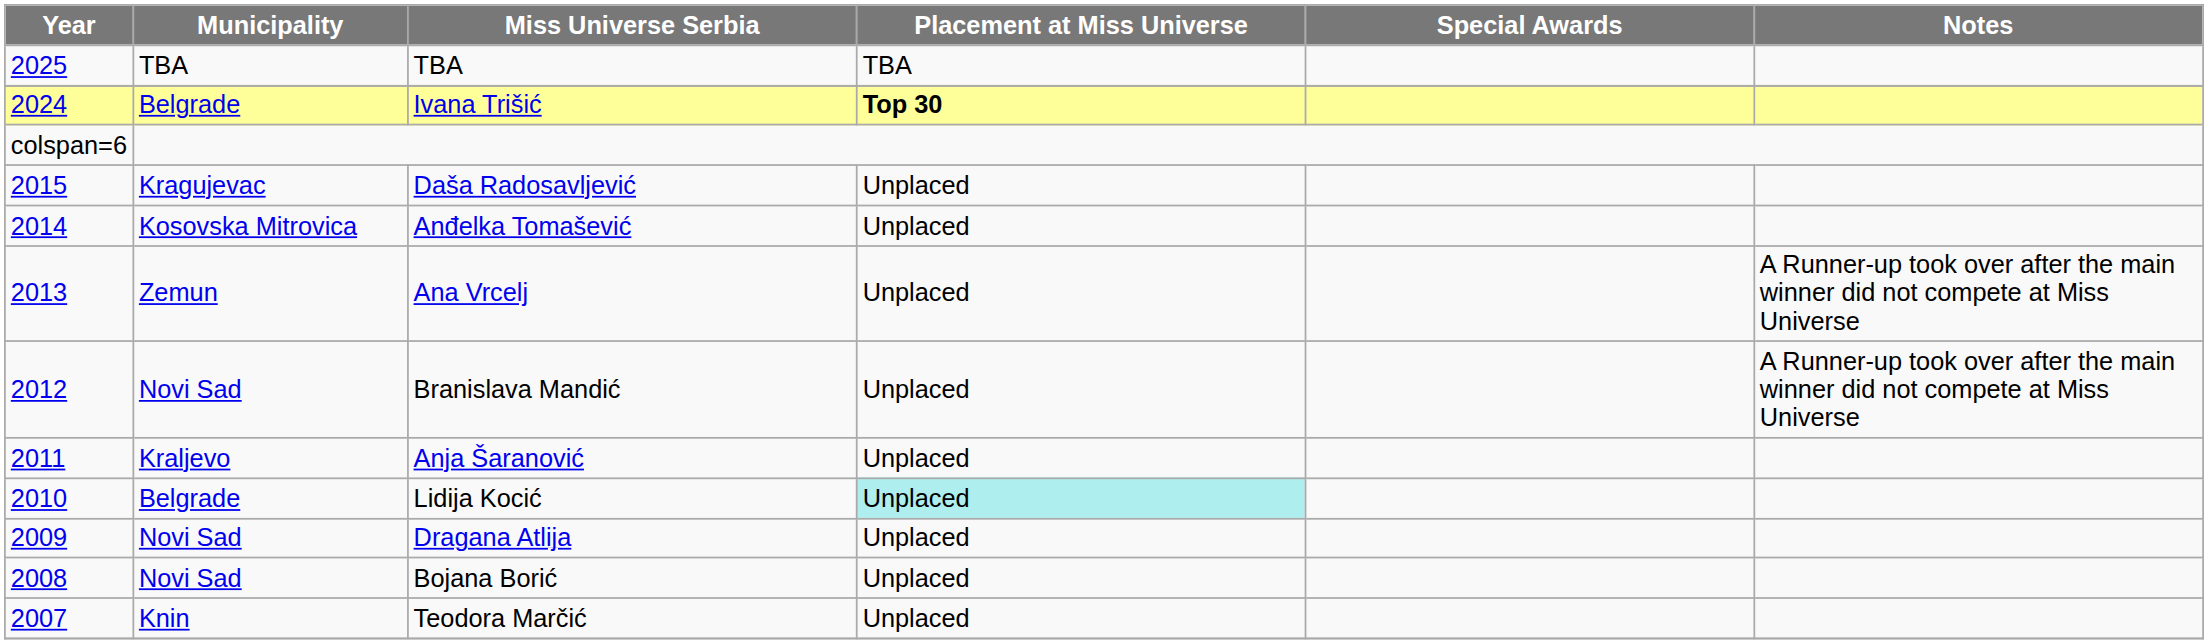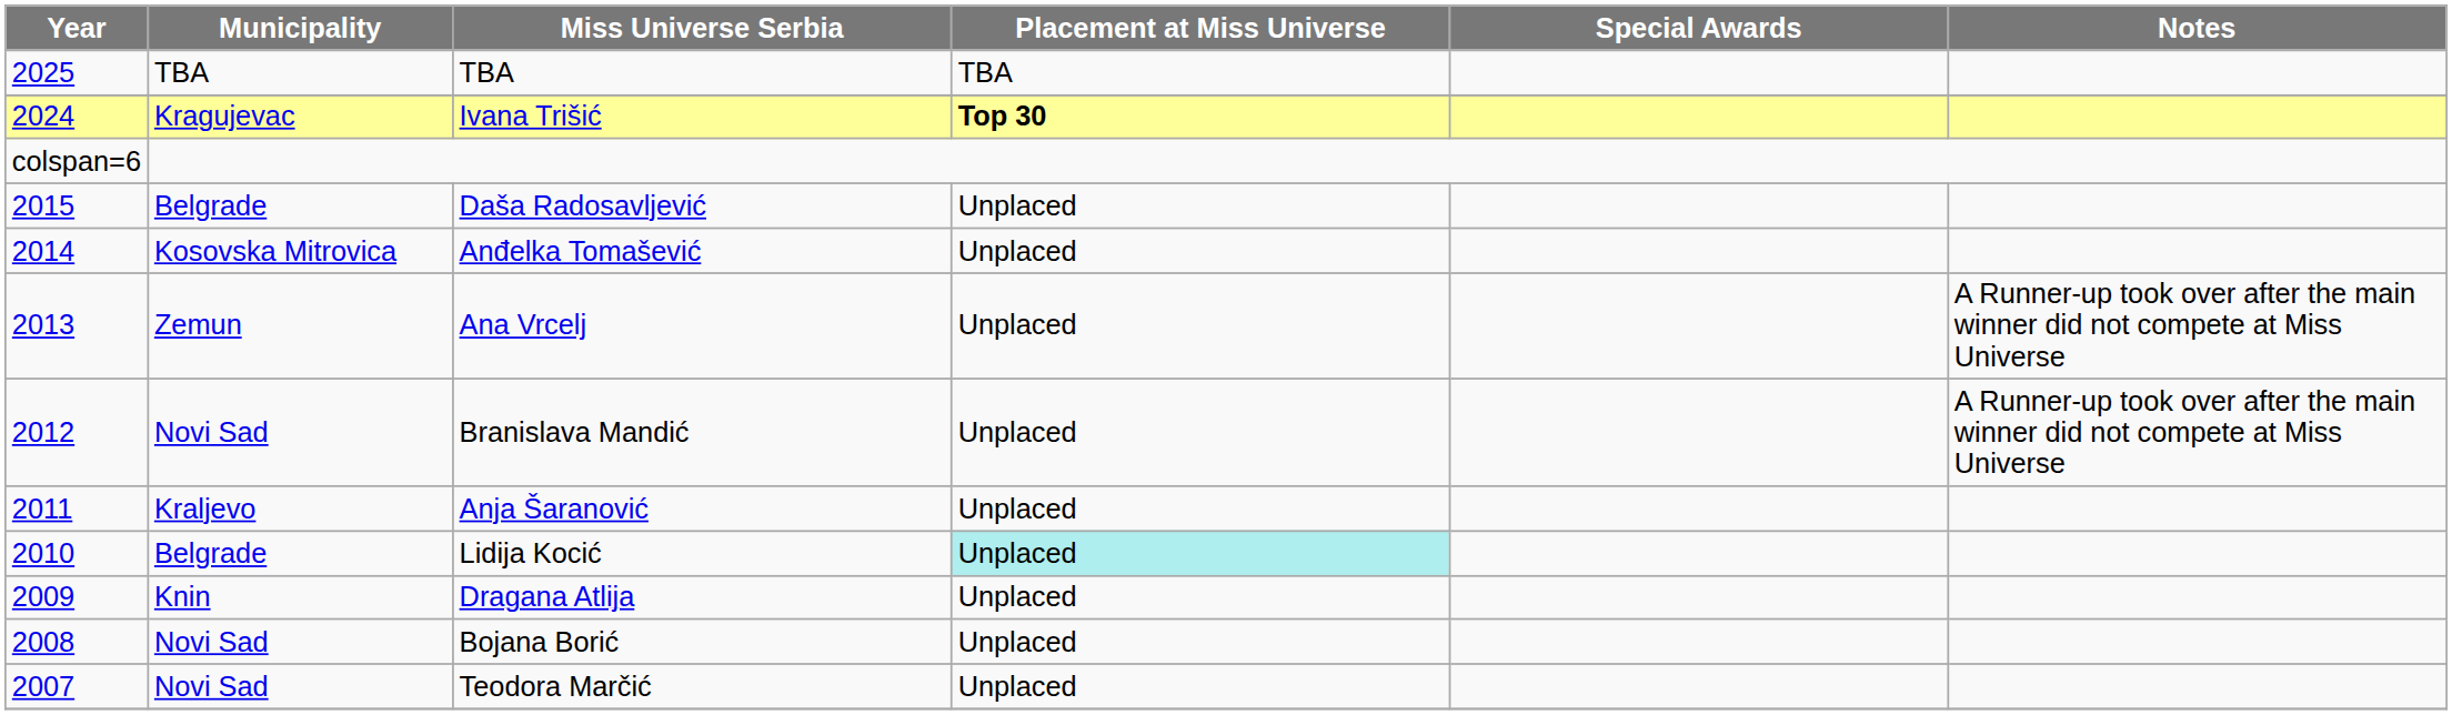 <table class="wikitable " style="font-size: 90%;">
 <tr>
 <th width="60" style="background-color:#787878;color:#FFFFFF;">Year</th>
 <th width="150" style="background-color:#787878;color:#FFFFFF;">Municipality</th>
 <th width="250" style="background-color:#787878;color:#FFFFFF;">Miss Universe Serbia</th>
 <th width="250" style="background-color:#787878;color:#FFFFFF;">Placement at Miss Universe</th>
 <th width="250" style="background-color:#787878;color:#FFFFFF;">Special Awards</th>
 <th width="250" style="background-color:#787878;color:#FFFFFF;">Notes</th>
 </tr>
 <tr>
 <td><a href='#'>2025</a></td>
 <td>TBA</td>
 <td>TBA</td>
 <td>TBA</td>
 <td></td>
 <td></td>
 </tr>
 <tr>
 </tr>
 <tr style="background-color:#FFFF99; ">
 <td><a href='#'>2024</a></td>
-<td><a href='#'>Belgrade</a></td>
+<td><a href='#'>Kragujevac</a></td>
 <td><a href='#'>Ivana Trišić</a></td>
 <td><strong>Top 30</strong></td>
 <td></td>
 <td></td>
 </tr>
 <tr>
 <td>colspan=6 </td>
 </tr>
 <tr>
 <td><a href='#'>2015</a></td>
-<td><a href='#'>Kragujevac</a></td>
+<td><a href='#'>Belgrade</a></td>
 <td><a href='#'>Daša Radosavljević</a></td>
 <td>Unplaced</td>
 <td></td>
 <td></td>
 </tr>
 <tr>
 <td><a href='#'>2014</a></td>
 <td><a href='#'>Kosovska Mitrovica</a></td>
 <td><a href='#'>Anđelka Tomašević</a></td>
 <td>Unplaced</td>
 <td></td>
 <td></td>
 </tr>
 <tr>
 <td><a href='#'>2013</a></td>
 <td><a href='#'>Zemun</a></td>
 <td><a href='#'>Ana Vrcelj</a></td>
 <td>Unplaced</td>
 <td></td>
 <td>A Runner-up took over after the main winner did not compete at Miss Universe</td>
 </tr>
 <tr>
 <td><a href='#'>2012</a></td>
 <td><a href='#'>Novi Sad</a></td>
 <td>Branislava Mandić</td>
 <td>Unplaced</td>
 <td></td>
 <td>A Runner-up took over after the main winner did not compete at Miss Universe</td>
 </tr>
 <tr>
 <td><a href='#'>2011</a></td>
 <td><a href='#'>Kraljevo</a></td>
 <td><a href='#'>Anja Šaranović</a></td>
 <td>Unplaced</td>
 <td></td>
 <td></td>
 </tr>
 <tr>
 <td><a href='#'>2010</a></td>
 <td><a href='#'>Belgrade</a></td>
 <td>Lidija Kocić</td>
 <td style="background: paleturquoise;">Unplaced</td>
 <td></td>
 <td></td>
 </tr>
 <tr>
 <td><a href='#'>2009</a></td>
-<td><a href='#'>Novi Sad</a></td>
+<td><a href='#'>Knin</a></td>
 <td><a href='#'>Dragana Atlija</a></td>
 <td>Unplaced</td>
 <td></td>
 <td></td>
 </tr>
 <tr>
 <td><a href='#'>2008</a></td>
 <td><a href='#'>Novi Sad</a></td>
 <td>Bojana Borić</td>
 <td>Unplaced</td>
 <td></td>
 <td></td>
 </tr>
 <tr>
 <td><a href='#'>2007</a></td>
-<td><a href='#'>Knin</a></td>
+<td><a href='#'>Novi Sad</a></td>
 <td>Teodora Marčić</td>
 <td>Unplaced</td>
 <td></td>
 <td></td>
 </tr>
 <tr>
 </tr>
 </table>
